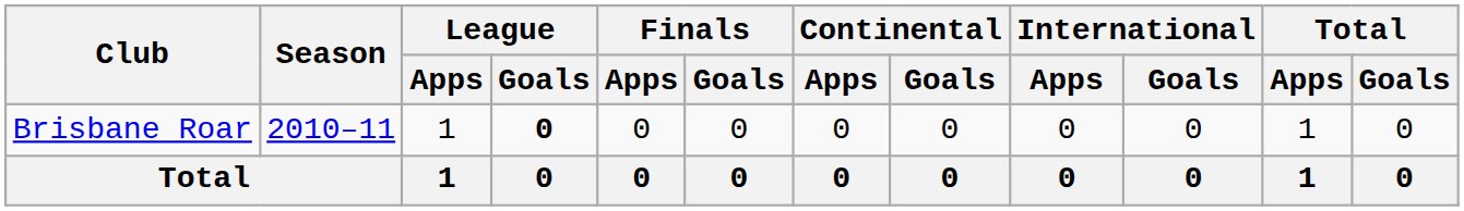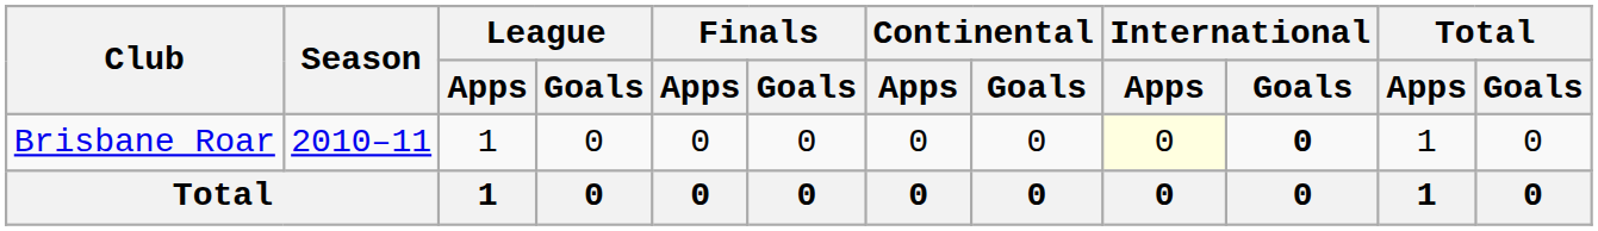 <table class="wikitable" style="text-align: center;">
 <tr>
 <th rowspan="2">Club</th>
 <th rowspan="2">Season</th>
 <th colspan="2">League</th>
 <th colspan="2">Finals</th>
 <th colspan="2">Continental</th>
 <th colspan="2">International</th>
 <th colspan="2">Total</th>
 </tr>
 <tr>
 <th>Apps</th>
 <th>Goals</th>
 <th>Apps</th>
 <th>Goals</th>
 <th>Apps</th>
 <th>Goals</th>
 <th>Apps</th>
 <th>Goals</th>
 <th>Apps</th>
 <th>Goals</th>
 </tr>
 <tr>
 <td rowspan="1" valign="center"><a href='#'>Brisbane Roar</a></td>
 <td><a href='#'>2010–11</a></td>
 <td>1</td>
-<td><strong>0</strong></td>
 <td>0</td>
 <td>0</td>
 <td>0</td>
 <td>0</td>
 <td>0</td>
-<td>0</td>
+<td style="background: lightyellow;">0</td>
+<td><strong>0</strong></td>
 <td>1</td>
 <td>0</td>
 </tr>
 <tr>
 <th colspan="2">Total</th>
 <th>1</th>
 <th>0</th>
 <th>0</th>
 <th>0</th>
 <th>0</th>
 <th>0</th>
 <th>0</th>
 <th>0</th>
 <th>1</th>
 <th>0</th>
 </tr>
 </table>
